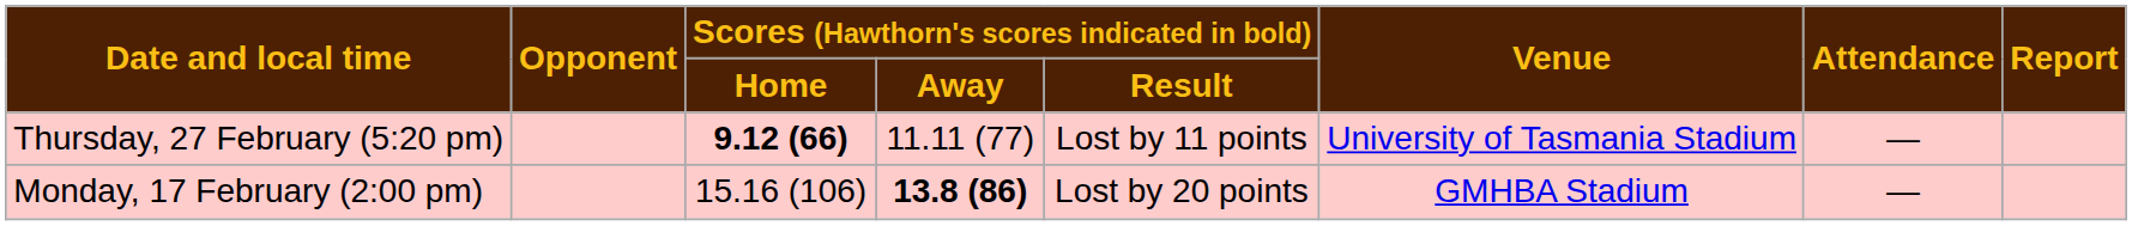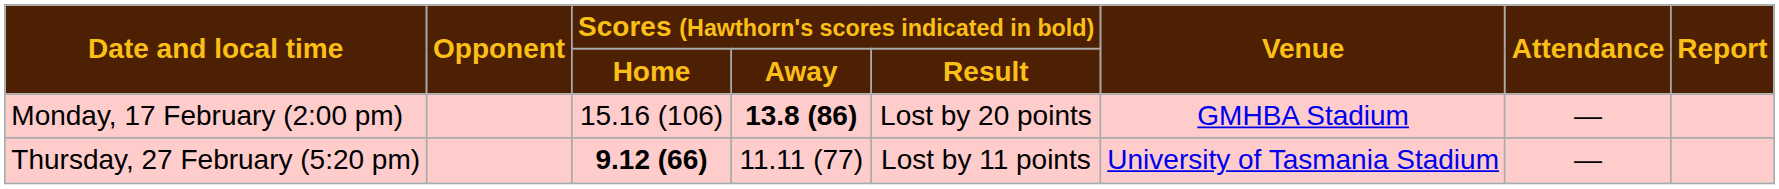 <table class="wikitable" style="text-align:center">
 <tr>
 <th rowspan="2" style="background: #4D2004; color: #FBBF15">Date and local time</th>
 <th rowspan="2" style="background: #4D2004; color: #FBBF15">Opponent</th>
 <th colspan="3" style="background: #4D2004; color: #FBBF15">Scores <small>(Hawthorn's scores indicated in <strong>bold</strong>)</small></th>
 <th rowspan="2" style="background: #4D2004; color: #FBBF15">Venue</th>
 <th rowspan="2" style="background: #4D2004; color: #FBBF15">Attendance</th>
 <th rowspan="2" style="background: #4D2004; color: #FBBF15">Report</th>
 </tr>
 <tr>
 <th style="background: #4D2004; color: #FBBF15">Home</th>
 <th style="background: #4D2004; color: #FBBF15">Away</th>
 <th style="background: #4D2004; color: #FBBF15">Result</th>
 </tr>
 <tr style=background:#fcc>
+<td align=left>Monday, 17 February (2:00 pm)</td>
+<td align=left></td>
+<td>15.16 (106)</td>
+<td><strong>13.8 (86)</strong></td>
+<td>Lost by 20 points</td>
+<td><a href='#'>GMHBA Stadium</a></td>
+<td>—</td>
+<td></td>
+</tr>
+<tr style=background:#fcc>
 <td align=left>Thursday, 27 February (5:20 pm)</td>
 <td align=left></td>
 <td><strong>9.12 (66)</strong></td>
 <td>11.11 (77)</td>
 <td>Lost by 11 points</td>
 <td><a href='#'>University of Tasmania Stadium</a></td>
 <td>—</td>
 <td></td>
 </tr>
-<tr style=background:#fcc>
-<td align=left>Monday, 17 February (2:00 pm)</td>
-<td align=left></td>
-<td>15.16 (106)</td>
-<td><strong>13.8 (86)</strong></td>
-<td>Lost by 20 points</td>
-<td><a href='#'>GMHBA Stadium</a></td>
-<td>—</td>
-<td></td>
-</tr>
 </table>
